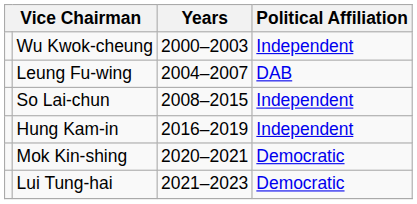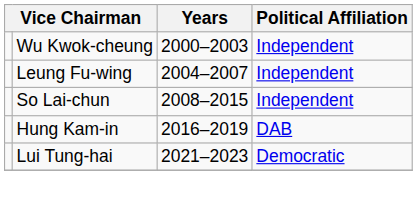 <table class="wikitable">
 <tr>
 <th colspan=2>Vice Chairman</th>
 <th>Years</th>
 <th>Political Affiliation</th>
 </tr>
 <tr>
 <td style="color:inherit;background:"></td>
 <td>Wu Kwok-cheung</td>
 <td>2000–2003</td>
 <td><a href='#'>Independent</a></td>
 </tr>
 <tr>
 <td style="color:inherit;background:"></td>
 <td>Leung Fu-wing</td>
 <td>2004–2007</td>
-<td><a href='#'>DAB</a></td>
+<td><a href='#'>Independent</a></td>
 </tr>
 <tr>
 <td style="color:inherit;background:"></td>
 <td>So Lai-chun</td>
 <td>2008–2015</td>
 <td><a href='#'>Independent</a></td>
 </tr>
 <tr>
 <td style="color:inherit;background:"></td>
 <td>Hung Kam-in</td>
 <td>2016–2019</td>
-<td><a href='#'>Independent</a></td>
-</tr>
-<tr>
-<td style="color:inherit;background:"></td>
-<td>Mok Kin-shing</td>
-<td>2020–2021</td>
-<td><a href='#'>Democratic</a></td>
+<td><a href='#'>DAB</a></td>
 </tr>
 <tr>
 <td style="color:inherit;background:"></td>
 <td>Lui Tung-hai</td>
 <td>2021–2023</td>
 <td><a href='#'>Democratic</a></td>
 </tr>
 <tr>
 </tr>
 </table>
